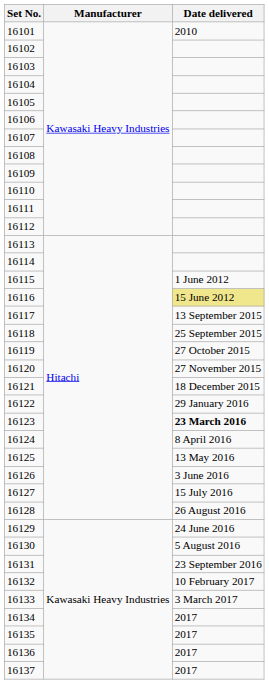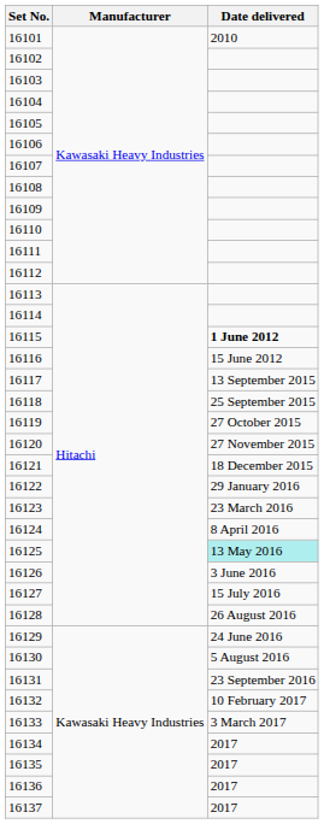 <table class="wikitable">
 <tr>
 <th>Set No.</th>
 <th>Manufacturer</th>
 <th>Date delivered</th>
 </tr>
 <tr>
 <td>16101</td>
 <td rowspan="12"><a href='#'>Kawasaki Heavy Industries</a></td>
 <td>2010</td>
 </tr>
 <tr>
 <td>16102</td>
 <td></td>
 </tr>
 <tr>
 <td>16103</td>
 <td></td>
 </tr>
 <tr>
 <td>16104</td>
 <td></td>
 </tr>
 <tr>
 <td>16105</td>
 <td></td>
 </tr>
 <tr>
 <td>16106</td>
 <td></td>
 </tr>
 <tr>
 <td>16107</td>
 <td></td>
 </tr>
 <tr>
 <td>16108</td>
 <td></td>
 </tr>
 <tr>
 <td>16109</td>
 <td></td>
 </tr>
 <tr>
 <td>16110</td>
 <td></td>
 </tr>
 <tr>
 <td>16111</td>
 <td></td>
 </tr>
 <tr>
 <td>16112</td>
 <td></td>
 </tr>
 <tr>
 <td>16113</td>
 <td rowspan="16"><a href='#'>Hitachi</a></td>
 <td></td>
 </tr>
 <tr>
 <td>16114</td>
 <td></td>
 </tr>
 <tr>
 <td>16115</td>
-<td>1 June 2012</td>
+<td><strong>1 June 2012</strong></td>
 </tr>
 <tr>
 <td>16116</td>
-<td style="background: khaki;">15 June 2012</td>
+<td>15 June 2012</td>
 </tr>
 <tr>
 <td>16117</td>
 <td>13 September 2015</td>
 </tr>
 <tr>
 <td>16118</td>
 <td>25 September 2015</td>
 </tr>
 <tr>
 <td>16119</td>
 <td>27 October 2015</td>
 </tr>
 <tr>
 <td>16120</td>
 <td>27 November 2015</td>
 </tr>
 <tr>
 <td>16121</td>
 <td>18 December 2015</td>
 </tr>
 <tr>
 <td>16122</td>
 <td>29 January 2016</td>
 </tr>
 <tr>
 <td>16123</td>
-<td><strong>23 March 2016</strong></td>
+<td>23 March 2016</td>
 </tr>
 <tr>
 <td>16124</td>
 <td>8 April 2016</td>
 </tr>
 <tr>
 <td>16125</td>
-<td>13 May 2016</td>
+<td style="background: paleturquoise;">13 May 2016</td>
 </tr>
 <tr>
 <td>16126</td>
 <td>3 June 2016</td>
 </tr>
 <tr>
 <td>16127</td>
 <td>15 July 2016</td>
 </tr>
 <tr>
 <td>16128</td>
 <td>26 August 2016</td>
 </tr>
 <tr>
 <td>16129</td>
 <td rowspan="9">Kawasaki Heavy Industries</td>
 <td>24 June 2016</td>
 </tr>
 <tr>
 <td>16130</td>
 <td>5 August 2016</td>
 </tr>
 <tr>
 <td>16131</td>
 <td>23 September 2016</td>
 </tr>
 <tr>
 <td>16132</td>
 <td>10 February 2017</td>
 </tr>
 <tr>
 <td>16133</td>
 <td>3 March 2017</td>
 </tr>
 <tr>
 <td>16134</td>
 <td>2017</td>
 </tr>
 <tr>
 <td>16135</td>
 <td>2017</td>
 </tr>
 <tr>
 <td>16136</td>
 <td>2017</td>
 </tr>
 <tr>
 <td>16137</td>
 <td>2017</td>
 </tr>
 </table>
